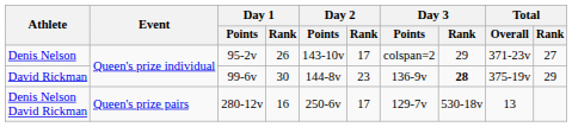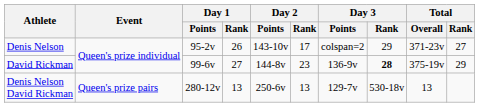 <table class="wikitable" style="font-size:90%">
 <tr>
 <th rowspan=2>Athlete</th>
 <th rowspan=2>Event</th>
 <th colspan=2>Day 1</th>
 <th colspan=2>Day 2</th>
 <th colspan=2>Day 3</th>
 <th colspan=2>Total</th>
 </tr>
 <tr style="font-size:95%">
 <th>Points</th>
 <th>Rank</th>
 <th>Points</th>
 <th>Rank</th>
 <th>Points</th>
 <th>Rank</th>
 <th>Overall</th>
 <th>Rank</th>
 </tr>
 <tr align=center>
 <td align=left><a href='#'>Denis Nelson</a></td>
 <td align=left rowspan=2><a href='#'>Queen's prize individual</a></td>
 <td>95-2v</td>
 <td>26</td>
 <td>143-10v</td>
 <td>17</td>
 <td>colspan=2 </td>
 <td>29</td>
 <td>371-23v</td>
 <td>27</td>
 </tr>
 <tr align=center>
 <td align=left><a href='#'>David Rickman</a></td>
 <td>99-6v</td>
-<td>30</td>
+<td>27</td>
 <td>144-8v</td>
 <td>23</td>
 <td>136-9v</td>
 <td><strong>28</strong></td>
 <td>375-19v</td>
 <td>29</td>
 </tr>
 <tr align=center>
 <td align=left><a href='#'>Denis Nelson</a><br><a href='#'>David Rickman</a></td>
 <td align=left><a href='#'>Queen's prize pairs</a></td>
 <td>280-12v</td>
-<td>16</td>
+<td>13</td>
 <td>250-6v</td>
-<td>17</td>
+<td>13</td>
 <td>129-7v</td>
 <td>530-18v</td>
 <td>13</td>
 </tr>
 </table>
